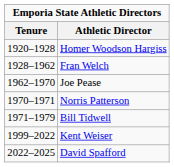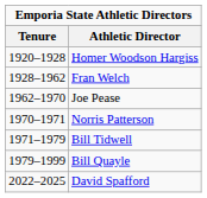 <table class="wikitable" style="float:right; font-size:85%; clear:right; margin:0 0 1em 1em;">
 <tr>
 <td colspan="2" style="text-align:center; font-size:100%; "><strong>Emporia State Athletic Directors</strong></td>
 </tr>
 <tr>
 <th>Tenure</th>
 <th>Athletic Director</th>
 </tr>
 <tr>
 <td>1920–1928</td>
 <td><a href='#'>Homer Woodson Hargiss</a></td>
 </tr>
 <tr>
 <td>1928–1962</td>
 <td><a href='#'>Fran Welch</a></td>
 </tr>
 <tr>
 <td>1962–1970</td>
 <td>Joe Pease</td>
 </tr>
 <tr>
 <td>1970–1971</td>
 <td><a href='#'>Norris Patterson</a></td>
 </tr>
 <tr>
 <td>1971–1979</td>
 <td><a href='#'>Bill Tidwell</a></td>
 </tr>
 <tr>
-<td>1999–2022</td>
-<td><a href='#'>Kent Weiser</a></td>
+<td>1979–1999</td>
+<td><a href='#'>Bill Quayle</a></td>
 </tr>
 <tr>
 <td>2022–2025</td>
 <td><a href='#'>David Spafford</a></td>
 </tr>
 </table>
